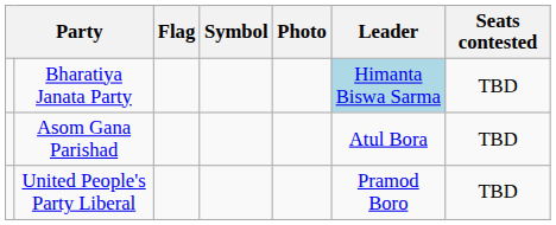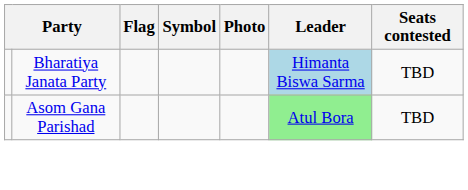 <table class="wikitable" width="50%" style="text-align:center;">
 <tr>
 <th colspan="2">Party</th>
 <th>Flag</th>
 <th>Symbol</th>
 <th>Photo</th>
 <th>Leader</th>
 <th>Seats contested</th>
 </tr>
 <tr>
 <td></td>
 <td><a href='#'>Bharatiya Janata Party</a></td>
 <td></td>
 <td></td>
 <td></td>
 <td style="background: lightblue;"><a href='#'>Himanta Biswa Sarma</a></td>
 <td>TBD</td>
 </tr>
 <tr>
 <td></td>
 <td><a href='#'>Asom Gana Parishad</a></td>
 <td></td>
 <td></td>
 <td></td>
-<td><a href='#'>Atul Bora</a></td>
-<td>TBD</td>
-</tr>
-<tr>
-<td></td>
-<td><a href='#'>United People's Party Liberal</a></td>
-<td></td>
-<td></td>
-<td></td>
-<td><a href='#'>Pramod Boro</a></td>
+<td style="background: lightgreen;"><a href='#'>Atul Bora</a></td>
 <td>TBD</td>
 </tr>
 </table>
